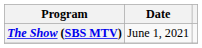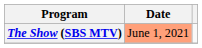 <table class="wikitable plainrowheaders" style="text-align:center;">
 <tr>
 <th scope="col">Program</th>
 <th scope="col">Date</th>
 <th scope="col"></th>
 </tr>
 <tr>
 <th scope="row"><em><a href='#'>The Show</a></em> (<a href='#'>SBS MTV</a>)</th>
-<td>June 1, 2021</td>
+<td style="background: lightsalmon;">June 1, 2021</td>
 <td></td>
 </tr>
 <tr>
 </tr>
 </table>
